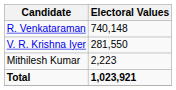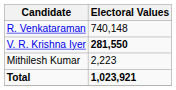 <table class="wikitable" border="1">
 <tr>
 <th>Candidate</th>
 <th>Electoral Values</th>
 </tr>
 <tr>
 <td><a href='#'>R. Venkataraman</a></td>
 <td>740,148</td>
 </tr>
 <tr>
 <td><a href='#'>V. R. Krishna Iyer</a></td>
-<td>281,550</td>
+<td><strong>281,550</strong></td>
 </tr>
 <tr>
 <td>Mithilesh Kumar</td>
 <td>2,223</td>
 </tr>
 <tr>
 <td><strong>Total</strong></td>
 <td><strong>1,023,921</strong></td>
 </tr>
 <tr>
 </tr>
 </table>
